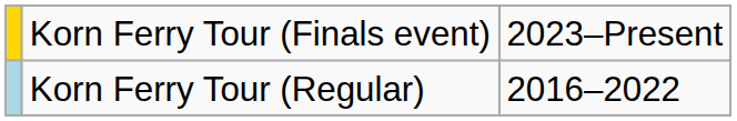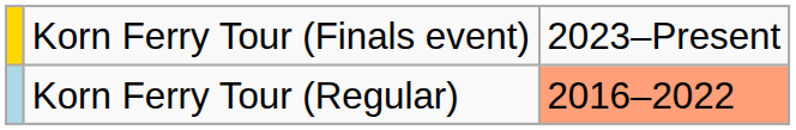 <table class="wikitable" style="font-size:95%">
 <tr>
 <td style="background:gold"></td>
 <td>Korn Ferry Tour (Finals event)</td>
 <td>2023–Present</td>
 </tr>
 <tr>
 <td style="background:lightblue"></td>
 <td>Korn Ferry Tour (Regular)</td>
-<td>2016–2022</td>
+<td style="background: lightsalmon;">2016–2022</td>
 </tr>
 </table>
